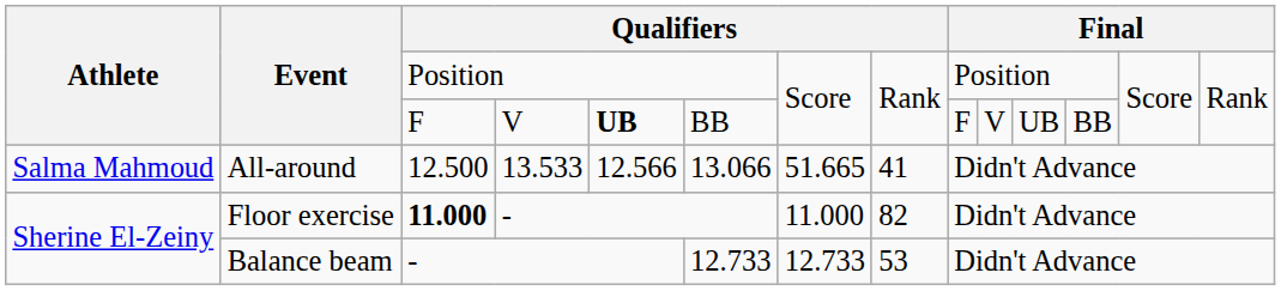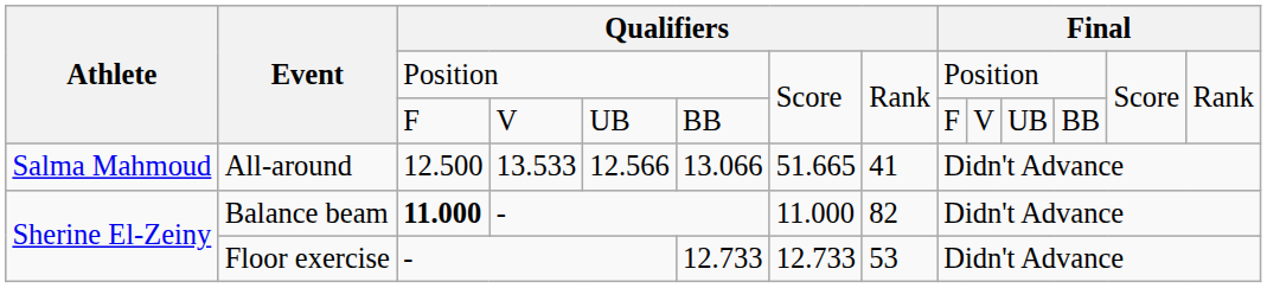 <table class="wikitable">
 <tr>
 <th rowspan="3">Athlete</th>
 <th rowspan="3">Event</th>
 <th colspan="6">Qualifiers</th>
 <th colspan="6">Final</th>
 </tr>
 <tr>
 <td colspan="4">Position</td>
 <td rowspan="2">Score</td>
 <td rowspan="2">Rank</td>
 <td colspan="4">Position</td>
 <td rowspan="2">Score</td>
 <td rowspan="2">Rank</td>
 </tr>
 <tr>
 <td>F</td>
 <td>V</td>
-<td><strong>UB</strong></td>
+<td>UB</td>
 <td>BB</td>
 <td>F</td>
 <td>V</td>
 <td>UB</td>
 <td>BB</td>
 </tr>
 <tr>
 <td><a href='#'>Salma Mahmoud</a></td>
 <td>All-around</td>
 <td>12.500</td>
 <td>13.533</td>
 <td>12.566</td>
 <td>13.066</td>
 <td>51.665</td>
 <td>41</td>
 <td colspan="6">Didn't Advance</td>
 </tr>
 <tr>
 <td rowspan="2"><a href='#'>Sherine El-Zeiny</a></td>
-<td>Floor exercise</td>
+<td>Balance beam</td>
 <td><strong>11.000</strong></td>
 <td colspan="3">-</td>
 <td>11.000</td>
 <td>82</td>
 <td colspan="6">Didn't Advance</td>
 </tr>
 <tr>
-<td>Balance beam</td>
+<td>Floor exercise</td>
 <td colspan="3">-</td>
 <td>12.733</td>
 <td>12.733</td>
 <td>53</td>
 <td colspan="6">Didn't Advance</td>
 </tr>
 </table>
